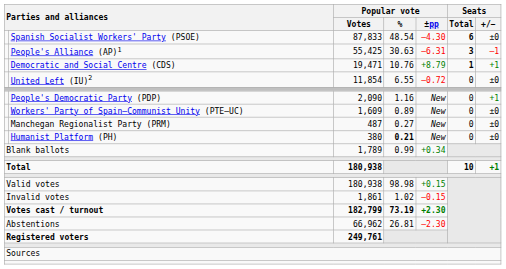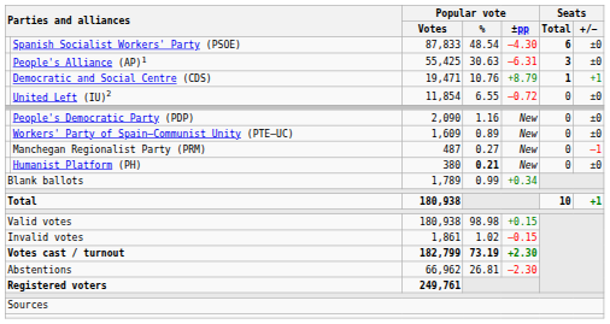 <table class="wikitable" style="text-align:right;">
 <tr>
 <th style="text-align:left;" rowspan="2" colspan="2" width="525">Parties and alliances</th>
 <th colspan="3">Popular vote</th>
 <th colspan="2">Seats</th>
 </tr>
 <tr>
 <th width="75">Votes</th>
 <th width="45">%</th>
 <th width="45">±<a href='#'>pp</a></th>
 <th width="35">Total</th>
 <th width="35">+/−</th>
 </tr>
 <tr>
 <td width="1" style="color:inherit;background:"></td>
 <td align="left"><a href='#'>Spanish Socialist Workers' Party</a> (PSOE)</td>
 <td>87,833</td>
 <td>48.54</td>
 <td style="color:red;">–4.30</td>
 <td><strong>6</strong></td>
 <td>±0</td>
 </tr>
 <tr>
 <td style="color:inherit;background:"></td>
 <td align="left"><a href='#'>People's Alliance</a> (AP)<sup>1</sup></td>
 <td>55,425</td>
 <td>30.63</td>
 <td style="color:red;">–6.31</td>
 <td><strong>3</strong></td>
-<td style="color:red;">–1</td>
+<td>±0</td>
 </tr>
 <tr>
 <td style="color:inherit;background:"></td>
 <td align="left"><a href='#'>Democratic and Social Centre</a> (CDS)</td>
 <td>19,471</td>
 <td>10.76</td>
 <td style="color:green;">+8.79</td>
 <td><strong>1</strong></td>
 <td style="color:green;">+1</td>
 </tr>
 <tr>
 <td style="color:inherit;background:"></td>
 <td align="left"><a href='#'>United Left</a> (IU)<sup>2</sup></td>
 <td>11,854</td>
 <td>6.55</td>
 <td style="color:red;">–0.72</td>
 <td>0</td>
 <td>±0</td>
 </tr>
 <tr>
 <td colspan="7" bgcolor="#C0C0C0"></td>
 </tr>
 <tr>
 <td style="color:inherit;background:"></td>
 <td align="left"><a href='#'>People's Democratic Party</a> (PDP)</td>
 <td>2,090</td>
 <td>1.16</td>
 <td><em>New</em></td>
 <td>0</td>
-<td style="color:green;">+1</td>
+<td>±0</td>
 </tr>
 <tr>
 <td style="color:inherit;background:"></td>
 <td align="left"><a href='#'>Workers' Party of Spain–Communist Unity</a> (PTE–UC)</td>
 <td>1,609</td>
 <td>0.89</td>
 <td><em>New</em></td>
 <td>0</td>
 <td>±0</td>
 </tr>
 <tr>
 <td style="color:inherit;background:"></td>
 <td align="left">Manchegan Regionalist Party (PRM)</td>
 <td>487</td>
 <td>0.27</td>
 <td><em>New</em></td>
 <td>0</td>
-<td>±0</td>
+<td style="color:red;">–1</td>
 </tr>
 <tr>
 <td style="color:inherit;background:"></td>
 <td align="left"><a href='#'>Humanist Platform</a> (PH)</td>
 <td>380</td>
 <td><strong>0.21</strong></td>
 <td><em>New</em></td>
 <td>0</td>
 <td>±0</td>
 </tr>
 <tr>
 <td align="left" colspan="2">Blank ballots</td>
 <td>1,789</td>
 <td>0.99</td>
 <td style="color:green;">+0.34</td>
 <td bgcolor="#E9E9E9" colspan="2"></td>
 </tr>
 <tr>
 <td colspan="7" bgcolor="#E9E9E9"></td>
 </tr>
 <tr style="font-weight:bold;">
 <td align="left" colspan="2">Total</td>
 <td>180,938</td>
 <td bgcolor="#E9E9E9" colspan="2"></td>
 <td>10</td>
 <td style="color:green;">+1</td>
 </tr>
 <tr>
 <td colspan="7" bgcolor="#E9E9E9"></td>
 </tr>
 <tr>
 <td align="left" colspan="2">Valid votes</td>
 <td>180,938</td>
 <td>98.98</td>
 <td style="color:green;">+0.15</td>
 <td bgcolor="#E9E9E9" colspan="2" rowspan="5"></td>
 </tr>
 <tr>
 <td align="left" colspan="2">Invalid votes</td>
 <td>1,861</td>
 <td>1.02</td>
 <td style="color:red;">–0.15</td>
 </tr>
 <tr style="font-weight:bold;">
 <td align="left" colspan="2">Votes cast / turnout</td>
 <td>182,799</td>
 <td>73.19</td>
 <td style="color:green;">+2.30</td>
 </tr>
 <tr>
 <td align="left" colspan="2">Abstentions</td>
 <td>66,962</td>
 <td>26.81</td>
 <td style="color:red;">–2.30</td>
 </tr>
 <tr style="font-weight:bold;">
 <td align="left" colspan="2">Registered voters</td>
 <td>249,761</td>
 <td bgcolor="#E9E9E9" colspan="2"></td>
 </tr>
 <tr>
 <td colspan="7" bgcolor="#E9E9E9"></td>
 </tr>
 <tr>
 <td align="left" colspan="7">Sources</td>
 </tr>
 <tr>
 <td colspan="7" style="text-align:left; max-width:790px;"></td>
 </tr>
 </table>
